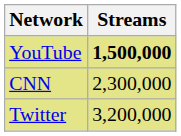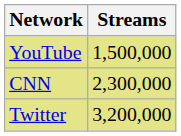 <table class="wikitable">
 <tr>
 <th>Network</th>
 <th>Streams</th>
 </tr>
 <tr style="background:#E4E489;">
 <td><a href='#'>YouTube</a></td>
-<td><strong>1,500,000</strong></td>
+<td>1,500,000</td>
 </tr>
 <tr style="background:#E4E489;">
 <td><a href='#'>CNN</a></td>
 <td>2,300,000</td>
 </tr>
 <tr style="background:#E4E489;">
 <td><a href='#'>Twitter</a></td>
 <td>3,200,000</td>
 </tr>
 </table>
